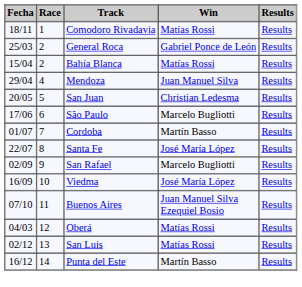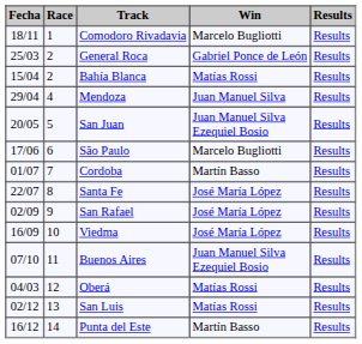 <table style="background:#f7f8ff;" cellpadding="3" cellspacing="0" border="1" style="font-size: 95%; border: gray solid 1px; border-collapse: collapse;">
 <tr align="center" style="background:#CCCCCC;">
 <th>Fecha</th>
 <th>Race</th>
 <th>Track</th>
 <th>Win</th>
 <th>Results</th>
 </tr>
 <tr align="center">
 <td>18/11</td>
 <td align="left">1</td>
 <td align="left"> <a href='#'>Comodoro Rivadavia</a></td>
-<td align="left"> <a href='#'>Matías Rossi</a></td>
+<td align="left"> Marcelo Bugliotti</td>
 <td align="left"><a href='#'>Results</a></td>
 </tr>
 <tr align="center">
 <td>25/03</td>
 <td align="left">2</td>
 <td align="left"> <a href='#'>General Roca</a></td>
 <td align="left"> <a href='#'>Gabriel Ponce de León</a></td>
 <td align="left"><a href='#'>Results</a></td>
 </tr>
 <tr align="center">
 <td>15/04</td>
 <td align="left">2</td>
 <td align="left"> <a href='#'>Bahía Blanca</a></td>
 <td align="left"> <a href='#'>Matías Rossi</a></td>
 <td align="left"><a href='#'>Results</a></td>
 </tr>
 <tr align="center">
 <td>29/04</td>
 <td align="left">4</td>
 <td align="left"> <a href='#'>Mendoza</a></td>
 <td align="left"> <a href='#'>Juan Manuel Silva</a></td>
 <td align="left"><a href='#'>Results</a></td>
 </tr>
 <tr align="center">
 <td>20/05</td>
 <td align="left">5</td>
 <td align="left"> <a href='#'>San Juan</a></td>
-<td align="left"> <a href='#'>Christian Ledesma</a></td>
+<td align="left"> <a href='#'>Juan Manuel Silva</a><br> <a href='#'>Ezequiel Bosio</a></td>
 <td align="left"><a href='#'>Results</a></td>
 </tr>
 <tr align="center">
 <td>17/06</td>
 <td align="left">6</td>
 <td align="left"> <a href='#'>São Paulo</a></td>
 <td align="left"> Marcelo Bugliotti</td>
 <td align="left"><a href='#'>Results</a></td>
 </tr>
 <tr align="center">
 <td>01/07</td>
 <td align="left">7</td>
 <td align="left"> <a href='#'>Cordoba</a></td>
 <td align="left"> Martín Basso</td>
 <td align="left"><a href='#'>Results</a></td>
 </tr>
 <tr align="center">
 <td>22/07</td>
 <td align="left">8</td>
 <td align="left"> <a href='#'>Santa Fe</a></td>
 <td align="left"> <a href='#'>José María López</a></td>
 <td align="left"><a href='#'>Results</a></td>
 </tr>
 <tr align="center">
 <td>02/09</td>
 <td align="left">9</td>
 <td align="left"> <a href='#'>San Rafael</a></td>
-<td align="left"> Marcelo Bugliotti</td>
+<td align="left"> <a href='#'>José María López</a></td>
 <td align="left"><a href='#'>Results</a></td>
 </tr>
 <tr align="center">
 <td>16/09</td>
 <td align="left">10</td>
 <td align="left"> <a href='#'>Viedma</a></td>
 <td align="left"> <a href='#'>José María López</a></td>
 <td align="left"><a href='#'>Results</a></td>
 </tr>
 <tr align="center">
 <td>07/10</td>
 <td align="left">11</td>
 <td align="left"> <a href='#'>Buenos Aires</a></td>
 <td align="left"> <a href='#'>Juan Manuel Silva</a><br> <a href='#'>Ezequiel Bosio</a></td>
 <td align="left"><a href='#'>Results</a></td>
 </tr>
 <tr align="center">
 <td>04/03</td>
 <td align="left">12</td>
 <td align="left"> <a href='#'>Oberá</a></td>
 <td align="left"> <a href='#'>Matías Rossi</a></td>
 <td align="left"><a href='#'>Results</a></td>
 </tr>
 <tr align="center">
 <td>02/12</td>
 <td align="left">13</td>
 <td align="left"> <a href='#'>San Luis</a></td>
 <td align="left"> <a href='#'>Matías Rossi</a></td>
 <td align="left"><a href='#'>Results</a></td>
 </tr>
 <tr align="center">
 <td>16/12</td>
 <td align="left">14</td>
 <td align="left"> <a href='#'>Punta del Este</a></td>
 <td align="left"> Martín Basso</td>
 <td align="left"><a href='#'>Results</a></td>
 </tr>
 </table>
